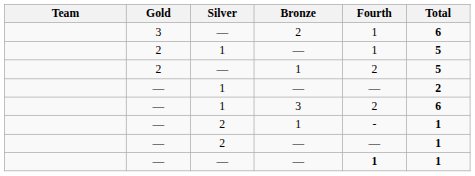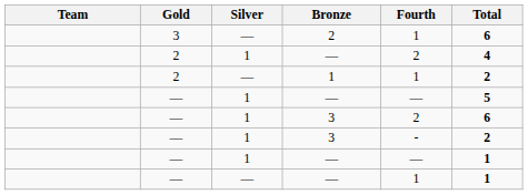 <table class="wikitable sortable" style="text-align:center;">
 <tr>
 <th style="width:10em;">Team</th>
 <th style="width:5em;"> Gold</th>
 <th style="width:5em;"> Silver</th>
 <th style="width:7.5em; padding:0;"> Bronze</th>
 <th style="width:5em;">Fourth</th>
 <th style="width:5em;">Total </th>
 </tr>
 <tr>
 <td align="left"></td>
 <td>3</td>
 <td>—</td>
 <td>2</td>
 <td>1</td>
 <td><strong>6</strong></td>
 </tr>
 <tr>
 <td align="left"></td>
 <td>2</td>
 <td>1</td>
 <td>—</td>
-<td>1</td>
-<td><strong>5</strong></td>
+<td>2</td>
+<td><strong>4</strong></td>
 </tr>
 <tr>
 <td align="left"></td>
 <td>2</td>
 <td>—</td>
 <td>1</td>
-<td>2</td>
-<td><strong>5</strong></td>
+<td>1</td>
+<td><strong>2</strong></td>
 </tr>
 <tr>
 <td align="left"></td>
 <td>—</td>
 <td>1</td>
 <td>—</td>
 <td>—</td>
-<td><strong>2</strong></td>
+<td><strong>5</strong></td>
 </tr>
 <tr>
 <td align="left"></td>
 <td>—</td>
 <td>1</td>
 <td>3</td>
 <td>2</td>
 <td><strong>6</strong></td>
 </tr>
 <tr>
 <td align="left"></td>
 <td>—</td>
-<td>2</td>
 <td>1</td>
+<td>3</td>
 <td>-</td>
-<td><strong>1</strong></td>
+<td><strong>2</strong></td>
 </tr>
 <tr>
 <td align="left"></td>
 <td>—</td>
-<td>2</td>
+<td>1</td>
 <td>—</td>
 <td>—</td>
 <td><strong>1</strong></td>
 </tr>
 <tr>
 <td align="left"></td>
 <td>—</td>
 <td>—</td>
 <td>—</td>
-<td><strong>1</strong></td>
+<td>1</td>
 <td><strong>1</strong></td>
 </tr>
 </table>
